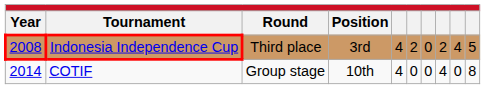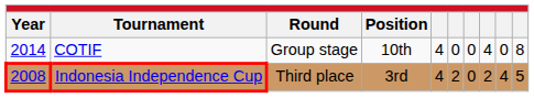 <table class="wikitable" style="text-align: center;">
 <tr>
 <th colspan=10 style="background: #CE1126; color: #FFFFFF;"><a href='#'></a></th>
 </tr>
 <tr>
 <th>Year</th>
 <th>Tournament</th>
 <th>Round</th>
 <th>Position</th>
 <th></th>
 <th></th>
 <th></th>
 <th></th>
 <th></th>
 <th></th>
 </tr>
+<tr>
+<td><a href='#'>2014</a></td>
+<td align=left> <a href='#'>COTIF</a></td>
+<td>Group stage</td>
+<td>10th</td>
+<td>4</td>
+<td>0</td>
+<td>0</td>
+<td>4</td>
+<td>0</td>
+<td>8</td>
+</tr>
 <tr style="background:#cc9966;">
 <td style="border: 3px solid red; text-align: left;"><a href='#'>2008</a></td>
 <td style="border: 3px solid red; text-align: left;"> <a href='#'>Indonesia Independence Cup</a></td>
 <td>Third place</td>
 <td>3rd</td>
 <td>4</td>
 <td>2</td>
 <td>0</td>
 <td>2</td>
 <td>4</td>
 <td>5</td>
 </tr>
-<tr>
-<td><a href='#'>2014</a></td>
-<td align=left> <a href='#'>COTIF</a></td>
-<td>Group stage</td>
-<td>10th</td>
-<td>4</td>
-<td>0</td>
-<td>0</td>
-<td>4</td>
-<td>0</td>
-<td>8</td>
-</tr>
 </table>
